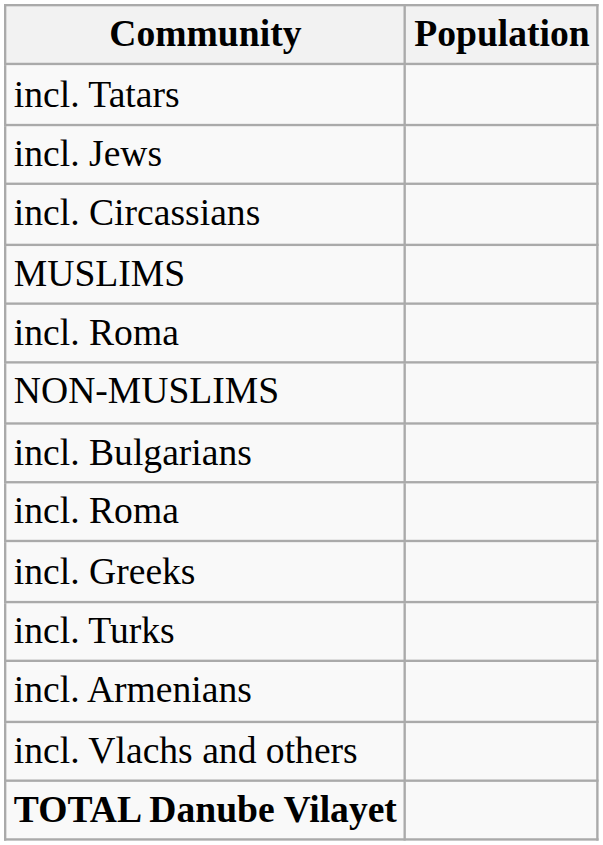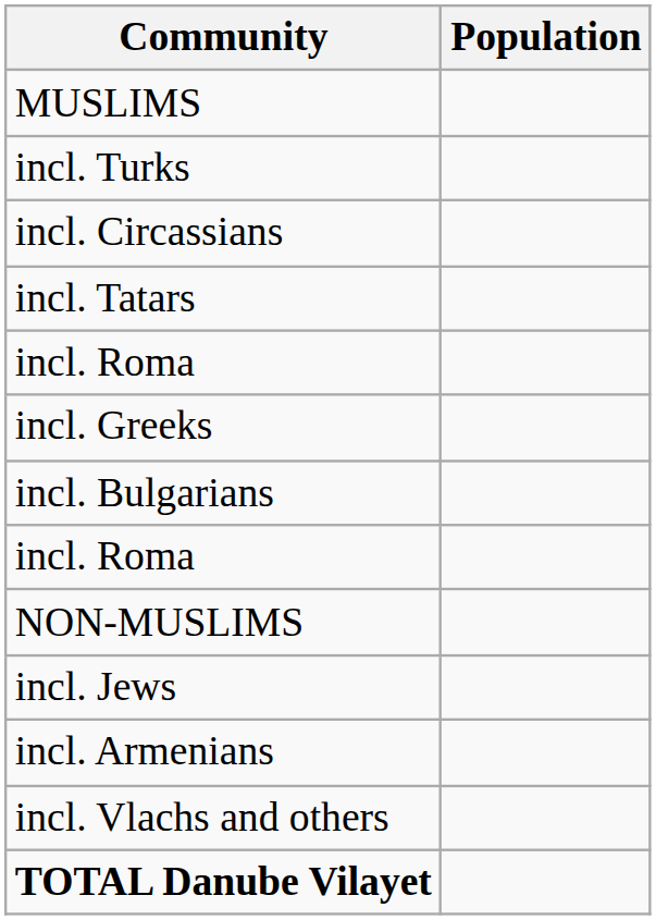 <table class="wikitable sortable">
 <tr>
 <th>Community</th>
 <th>Population</th>
 </tr>
 <tr>
-<td>incl. Tatars</td>
+<td>MUSLIMS</td>
 <td></td>
 </tr>
 <tr>
-<td>incl. Jews</td>
+<td>incl. Turks</td>
 <td></td>
 </tr>
 <tr>
 <td>incl. Circassians</td>
 <td></td>
 </tr>
 <tr>
-<td>MUSLIMS</td>
+<td>incl. Tatars</td>
+<td></td>
+</tr>
+<tr>
+<td>incl. Roma</td>
+<td></td>
+</tr>
+<tr>
+<td>incl. Greeks</td>
+<td></td>
+</tr>
+<tr>
+<td>incl. Bulgarians</td>
 <td></td>
 </tr>
 <tr>
 <td>incl. Roma</td>
 <td></td>
 </tr>
 <tr>
 <td>NON-MUSLIMS</td>
 <td></td>
 </tr>
 <tr>
-<td>incl. Bulgarians</td>
-<td></td>
-</tr>
-<tr>
-<td>incl. Roma</td>
-<td></td>
-</tr>
-<tr>
-<td>incl. Greeks</td>
-<td></td>
-</tr>
-<tr>
-<td>incl. Turks</td>
+<td>incl. Jews</td>
 <td></td>
 </tr>
 <tr>
 <td>incl. Armenians</td>
 <td></td>
 </tr>
 <tr>
 <td>incl. Vlachs and others</td>
 <td></td>
 </tr>
 <tr>
 <td><strong>TOTAL Danube Vilayet</strong></td>
 <td></td>
 </tr>
 </table>
